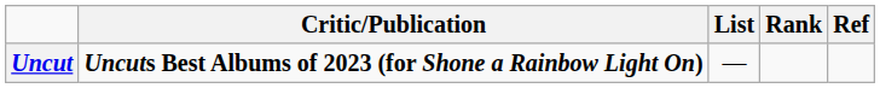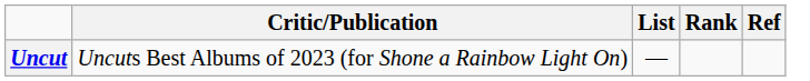 <table class="wikitable plainrowheaders">
 <tr>
 <td></td>
 <th scope="col">Critic/Publication</th>
 <th scope="col">List</th>
 <th scope="col">Rank</th>
 <th scope="col">Ref</th>
 </tr>
 <tr>
 <th scope="row"><em><a href='#'>Uncut</a></em></th>
-<td><strong><em>Uncut</em>s Best Albums of 2023 (for <em>Shone a Rainbow Light On</em>)</strong></td>
+<td><em>Uncut</em>s Best Albums of 2023 (for <em>Shone a Rainbow Light On</em>)</td>
 <td style="text-align:center;">—</td>
 <td style="text-align:center;"></td>
 </tr>
 </table>
